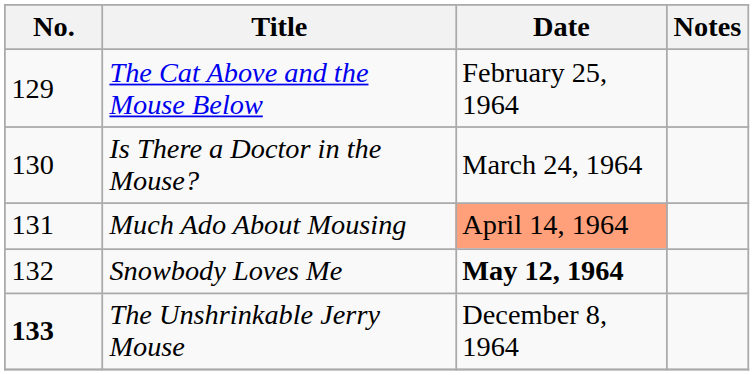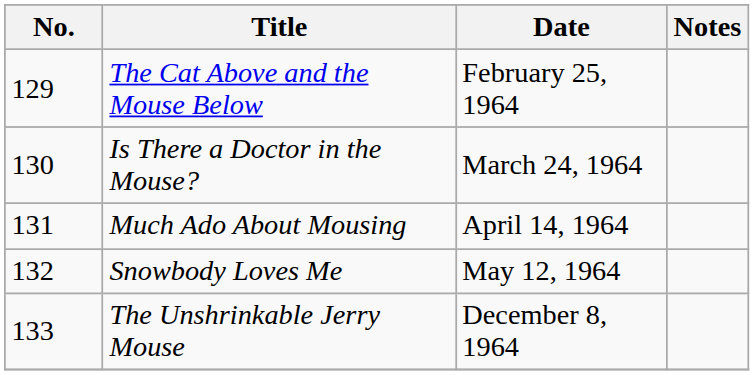 <table class="wikitable">
 <tr>
 <th style="width:3em">No.</th>
 <th style="width:12em">Title</th>
 <th style="width:7em">Date</th>
 <th>Notes</th>
 </tr>
 <tr>
 <td>129</td>
 <td><em><a href='#'>The Cat Above and the Mouse Below</a></em></td>
 <td>February 25, 1964</td>
 <td></td>
 </tr>
 <tr>
 <td>130</td>
 <td><em>Is There a Doctor in the Mouse?</em></td>
 <td>March 24, 1964</td>
 <td></td>
 </tr>
 <tr>
 <td>131</td>
 <td><em>Much Ado About Mousing</em></td>
-<td style="background: lightsalmon;">April 14, 1964</td>
+<td>April 14, 1964</td>
 <td></td>
 </tr>
 <tr>
 <td>132</td>
 <td><em>Snowbody Loves Me</em></td>
-<td><strong>May 12, 1964</strong></td>
+<td>May 12, 1964</td>
 <td></td>
 </tr>
 <tr>
-<td><strong>133</strong></td>
+<td>133</td>
 <td><em>The Unshrinkable Jerry Mouse</em></td>
 <td>December 8, 1964</td>
 <td></td>
 </tr>
 <tr>
 </tr>
 </table>
